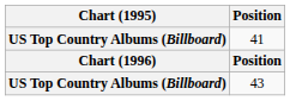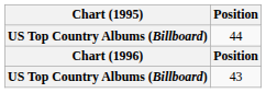 <table class="wikitable plainrowheaders" style="text-align:center">
 <tr>
 <th scope="col">Chart (1995)</th>
 <th scope="col">Position</th>
 </tr>
 <tr>
 <th scope="row">US Top Country Albums (<em>Billboard</em>)</th>
-<td>41</td>
+<td>44</td>
 </tr>
 <tr>
 <th scope="col">Chart (1996)</th>
 <th scope="col">Position</th>
 </tr>
 <tr>
 <th scope="row">US Top Country Albums (<em>Billboard</em>)</th>
 <td>43</td>
 </tr>
 </table>
